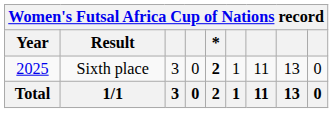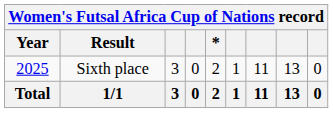 <table class="wikitable" style="text-align: center;">
 <tr>
 <th colspan="9"><a href='#'>Women's Futsal Africa Cup of Nations</a> record</th>
 </tr>
 <tr>
 <th>Year</th>
 <th>Result</th>
 <th></th>
 <th></th>
 <th>*</th>
 <th></th>
 <th></th>
 <th></th>
 <th></th>
 </tr>
 <tr>
 <td> <a href='#'>2025</a></td>
 <td>Sixth place</td>
 <td>3</td>
 <td>0</td>
-<td><strong>2</strong></td>
+<td>2</td>
 <td>1</td>
 <td>11</td>
 <td>13</td>
 <td>0</td>
 </tr>
 <tr>
 <th>Total</th>
 <th>1/1</th>
 <th>3</th>
 <th>0</th>
 <th>2</th>
 <th>1</th>
 <th>11</th>
 <th>13</th>
 <th>0</th>
 </tr>
 </table>
